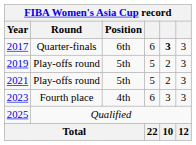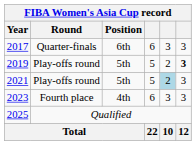 <table class="wikitable" style="text-align: center;">
 <tr>
 <th colspan=10><a href='#'>FIBA Women's Asia Cup</a> record</th>
 </tr>
 <tr>
 <th>Year</th>
 <th>Round</th>
 <th>Position</th>
 <th></th>
 <th></th>
 <th></th>
 </tr>
 <tr>
 <td> <a href='#'>2017</a></td>
 <td>Quarter-finals</td>
 <td>6th</td>
 <td>6</td>
-<td><strong>3</strong></td>
+<td>3</td>
 <td>3</td>
 </tr>
 <tr>
 <td> <a href='#'>2019</a></td>
 <td>Play-offs round</td>
 <td>5th</td>
 <td>5</td>
 <td>2</td>
-<td>3</td>
+<td><strong>3</strong></td>
 </tr>
 <tr>
 <td> <a href='#'>2021</a></td>
 <td>Play-offs round</td>
 <td>5th</td>
 <td>5</td>
-<td>2</td>
+<td style="background: lightblue;">2</td>
 <td>3</td>
 </tr>
 <tr>
 <td> <a href='#'>2023</a></td>
 <td>Fourth place</td>
 <td>4th</td>
 <td>6</td>
 <td>3</td>
 <td>3</td>
 </tr>
 <tr>
 <td> <a href='#'>2025</a></td>
 <td colspan=5><em>Qualified</em></td>
 </tr>
 <tr>
 <th colspan=3>Total</th>
 <th>22</th>
 <th>10</th>
 <th>12</th>
 </tr>
 </table>
